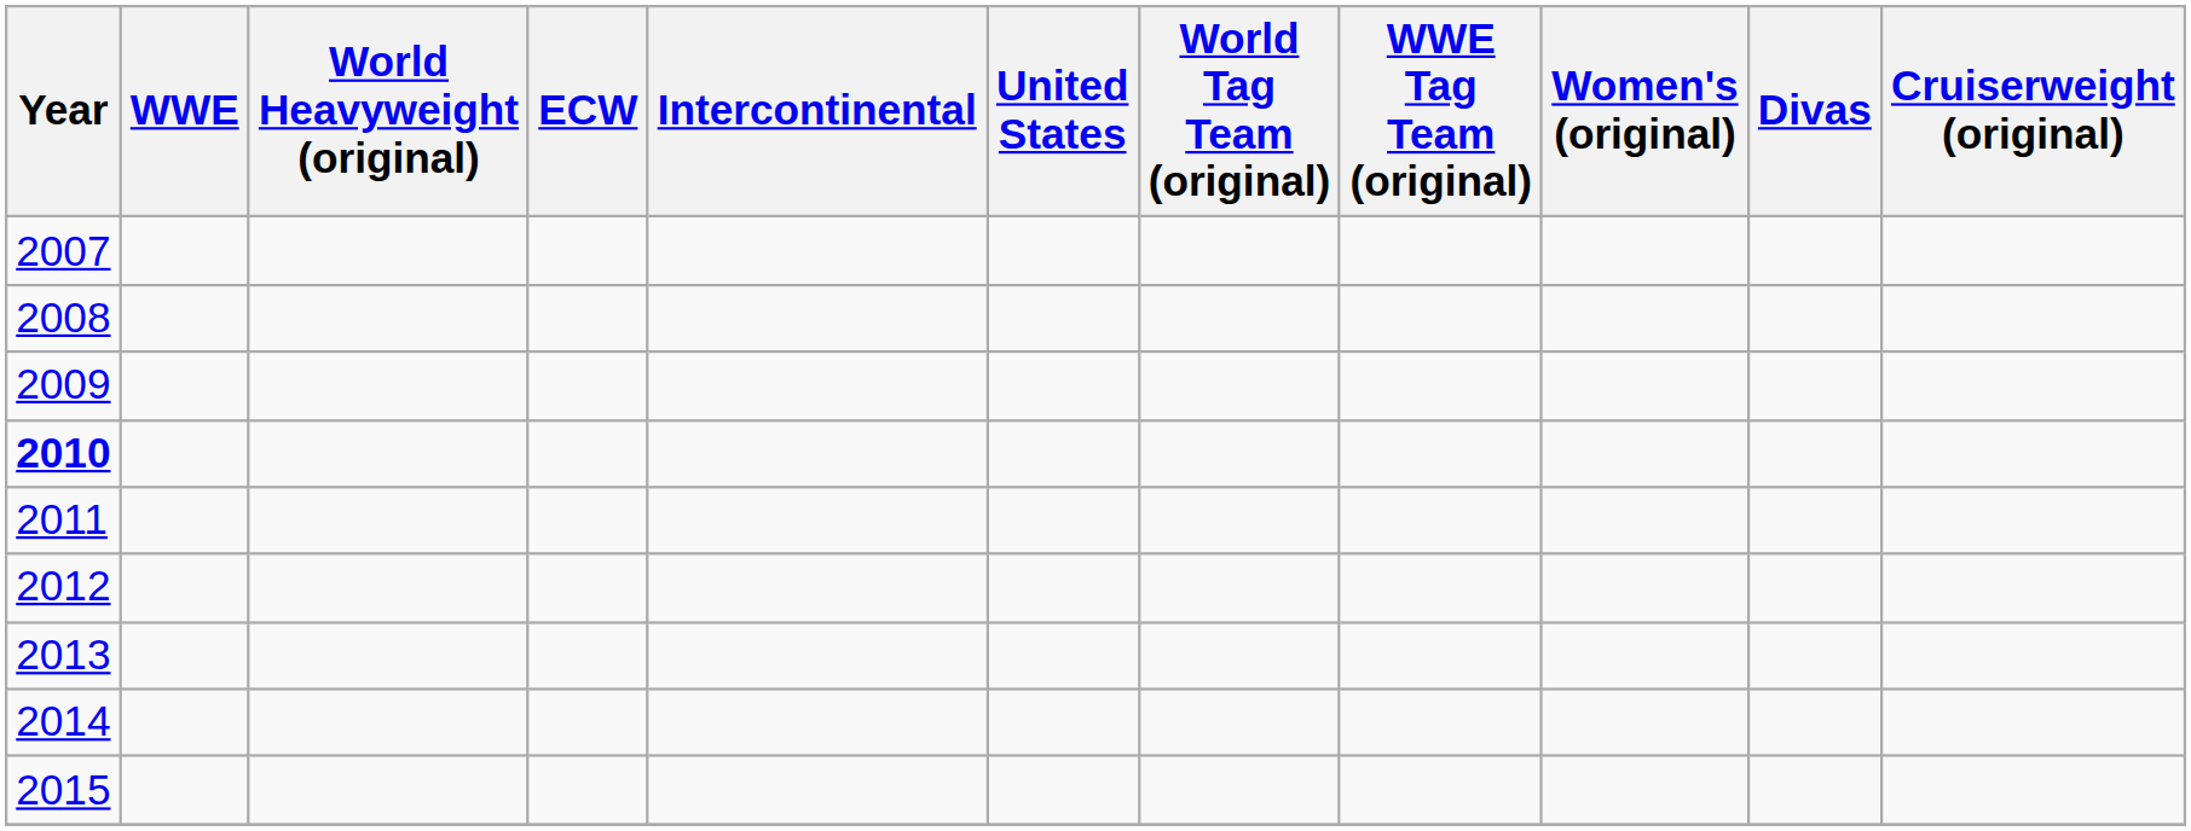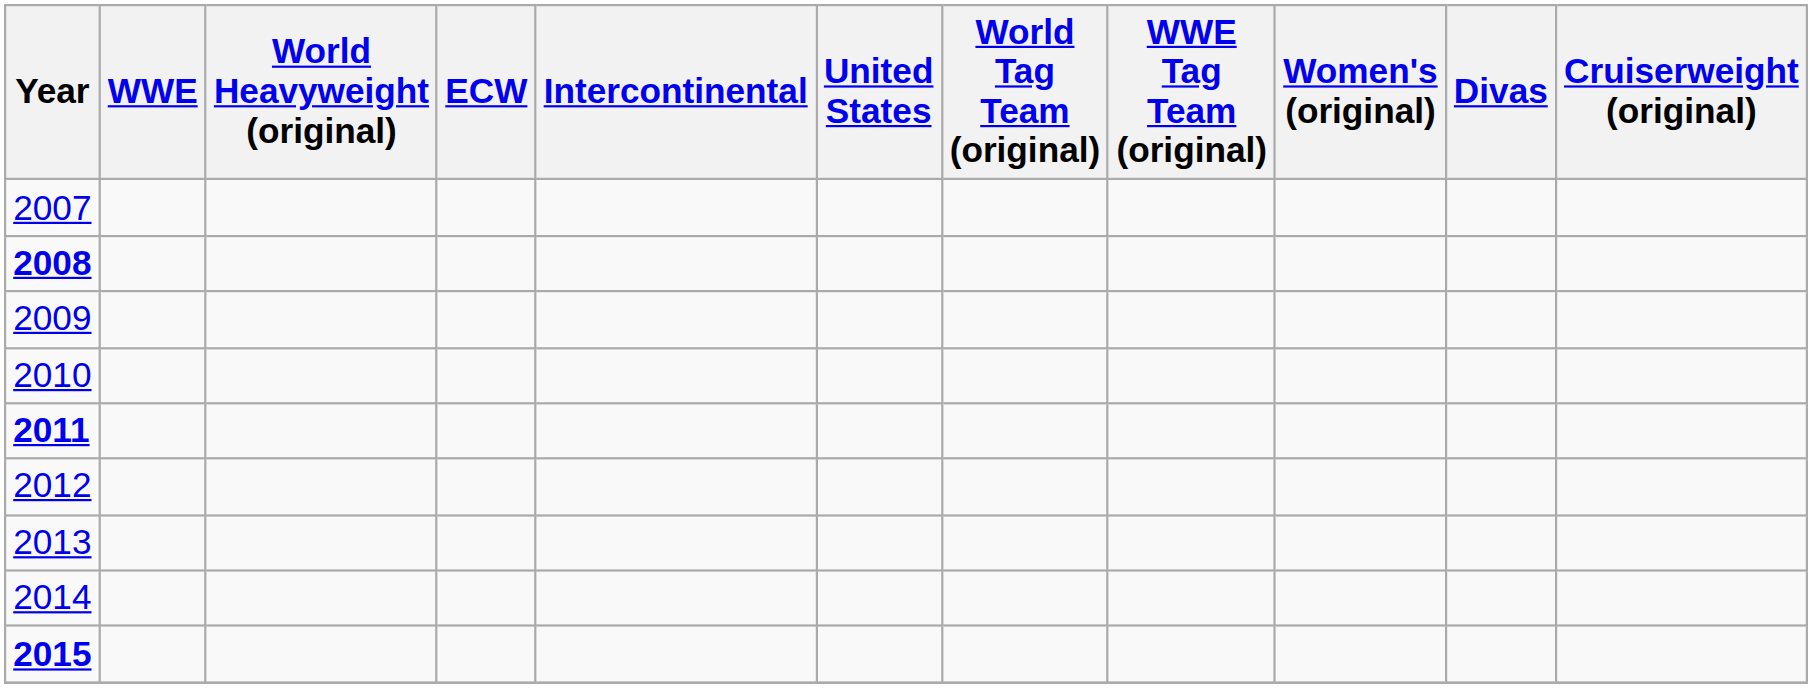 <table class="wikitable sortable" border="1">
 <tr>
 <th scope="col" style="width:14%;">Year</th>
 <th><a href='#'>WWE</a></th>
 <th><a href='#'>World<br>Heavyweight</a><br>(original)</th>
 <th><a href='#'>ECW</a></th>
 <th><a href='#'>Intercontinental</a></th>
 <th><a href='#'>United States</a></th>
 <th><a href='#'>World<br>Tag Team</a><br>(original)</th>
 <th><a href='#'>WWE<br>Tag Team</a><br>(original)</th>
 <th><a href='#'>Women's</a><br>(original)</th>
 <th><a href='#'>Divas</a></th>
 <th><a href='#'>Cruiserweight</a><br>(original)</th>
 </tr>
 <tr>
 <td><a href='#'>2007</a></td>
 <td></td>
 <td></td>
 <td></td>
 <td></td>
 <td></td>
 <td></td>
 <td></td>
 <td></td>
 <td></td>
 <td></td>
 </tr>
 <tr>
-<td><a href='#'>2008</a></td>
+<td><strong><a href='#'>2008</a></strong></td>
 <td></td>
 <td></td>
 <td></td>
 <td></td>
 <td></td>
 <td></td>
 <td></td>
 <td></td>
 <td></td>
 <td></td>
 </tr>
 <tr>
 <td><a href='#'>2009</a></td>
 <td></td>
 <td></td>
 <td></td>
 <td></td>
 <td></td>
 <td></td>
 <td></td>
 <td></td>
 <td></td>
 <td></td>
 </tr>
 <tr>
-<td><strong><a href='#'>2010</a></strong></td>
+<td><a href='#'>2010</a></td>
 <td></td>
 <td></td>
 <td></td>
 <td></td>
 <td></td>
 <td></td>
 <td></td>
 <td></td>
 <td></td>
 <td></td>
 </tr>
 <tr>
-<td><a href='#'>2011</a></td>
+<td><strong><a href='#'>2011</a></strong></td>
 <td></td>
 <td></td>
 <td></td>
 <td></td>
 <td></td>
 <td></td>
 <td></td>
 <td></td>
 <td></td>
 <td></td>
 </tr>
 <tr>
 <td><a href='#'>2012</a></td>
 <td></td>
 <td></td>
 <td></td>
 <td></td>
 <td></td>
 <td></td>
 <td></td>
 <td></td>
 <td></td>
 <td></td>
 </tr>
 <tr>
 <td><a href='#'>2013</a></td>
 <td></td>
 <td></td>
 <td></td>
 <td></td>
 <td></td>
 <td></td>
 <td></td>
 <td></td>
 <td></td>
 <td></td>
 </tr>
 <tr>
 <td><a href='#'>2014</a></td>
 <td></td>
 <td></td>
 <td></td>
 <td></td>
 <td></td>
 <td></td>
 <td></td>
 <td></td>
 <td></td>
 <td></td>
 </tr>
 <tr>
-<td><a href='#'>2015</a></td>
+<td><strong><a href='#'>2015</a></strong></td>
 <td></td>
 <td></td>
 <td></td>
 <td></td>
 <td></td>
 <td></td>
 <td></td>
 <td></td>
 <td></td>
 <td></td>
 </tr>
 <tr>
 </tr>
 </table>
